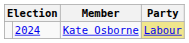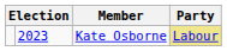 <table class="wikitable">
 <tr>
 <th colspan="2">Election</th>
 <th>Member</th>
 <th>Party</th>
 </tr>
 <tr>
 <td style="color:inherit;background-color: "></td>
-<td><a href='#'>2024</a></td>
+<td><a href='#'>2023</a></td>
 <td><a href='#'>Kate Osborne</a></td>
 <td style="background: khaki;"><a href='#'>Labour</a></td>
 </tr>
 </table>
